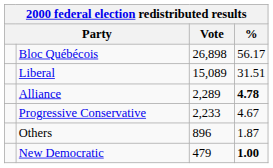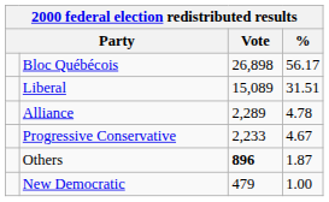 <table class="wikitable">
 <tr>
 <th colspan="4"><a href='#'>2000 federal election</a> redistributed results</th>
 </tr>
 <tr>
 <th bgcolor="#DDDDFF" width="230px" colspan="2">Party</th>
 <th bgcolor="#DDDDFF" width="50px">Vote</th>
 <th bgcolor="#DDDDFF" width="30px">%</th>
 </tr>
 <tr>
 <td> </td>
 <td><a href='#'>Bloc Québécois</a></td>
 <td>26,898</td>
 <td>56.17</td>
 </tr>
 <tr>
 <td> </td>
 <td><a href='#'>Liberal</a></td>
 <td>15,089</td>
 <td>31.51</td>
 </tr>
 <tr>
 <td> </td>
 <td><a href='#'>Alliance</a></td>
 <td>2,289</td>
-<td><strong>4.78</strong></td>
+<td>4.78</td>
 </tr>
 <tr>
 <td> </td>
 <td><a href='#'>Progressive Conservative</a></td>
 <td>2,233</td>
 <td>4.67</td>
 </tr>
 <tr>
 <td> </td>
 <td>Others</td>
-<td>896</td>
+<td><strong>896</strong></td>
 <td>1.87</td>
 </tr>
 <tr>
 <td> </td>
 <td><a href='#'>New Democratic</a></td>
 <td>479</td>
-<td><strong>1.00</strong></td>
+<td>1.00</td>
 </tr>
 </table>
